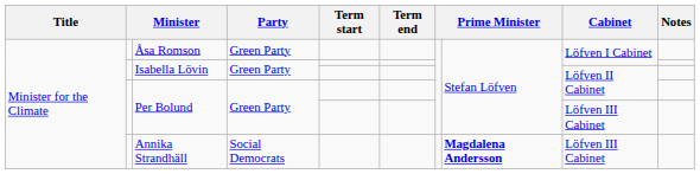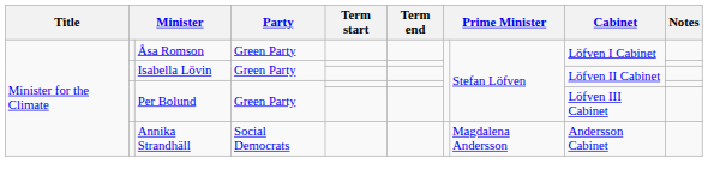 <table class="wikitable sortable">
 <tr>
 <th>Title</th>
 <th colspan=2><a href='#'>Minister</a></th>
 <th><a href='#'>Party</a></th>
 <th>Term start</th>
 <th>Term end</th>
 <th colspan=2><a href='#'>Prime Minister</a></th>
 <th><a href='#'>Cabinet</a></th>
 <th class="unsortable">Notes</th>
 </tr>
 <tr>
 <td rowspan=6><a href='#'>Minister for the Climate</a></td>
 <td style="color:inherit;background:"></td>
 <td><a href='#'>Åsa Romson</a></td>
 <td><a href='#'>Green Party</a></td>
 <td></td>
 <td></td>
 <td rowspan=5 bgcolor=></td>
 <td rowspan=5><a href='#'>Stefan Löfven</a></td>
 <td rowspan=2><a href='#'>Löfven I Cabinet</a></td>
 <td></td>
 </tr>
 <tr>
 <td rowspan=2 bgcolor=></td>
 <td rowspan=2><a href='#'>Isabella Lövin</a></td>
 <td rowspan=2><a href='#'>Green Party</a></td>
 <td></td>
 <td></td>
 <td></td>
 </tr>
 <tr>
 <td></td>
 <td></td>
 <td rowspan=2><a href='#'>Löfven II Cabinet</a></td>
 <td></td>
 </tr>
 <tr>
 <td rowspan=2 bgcolor=></td>
 <td rowspan=2><a href='#'>Per Bolund</a></td>
 <td rowspan=2><a href='#'>Green Party</a></td>
 <td></td>
 <td></td>
 <td></td>
 </tr>
 <tr>
 <td></td>
 <td></td>
 <td><a href='#'>Löfven III Cabinet</a></td>
 </tr>
 <tr>
 <td style="color:inherit;background:"></td>
 <td><a href='#'>Annika Strandhäll</a></td>
 <td><a href='#'>Social Democrats</a></td>
 <td></td>
 <td></td>
 <td style="color:inherit;background:"></td>
-<td><strong><a href='#'>Magdalena Andersson</a></strong></td>
-<td><a href='#'>Löfven III Cabinet</a></td>
+<td><a href='#'>Magdalena Andersson</a></td>
+<td><a href='#'>Andersson Cabinet</a></td>
 <td></td>
 </tr>
 </table>
